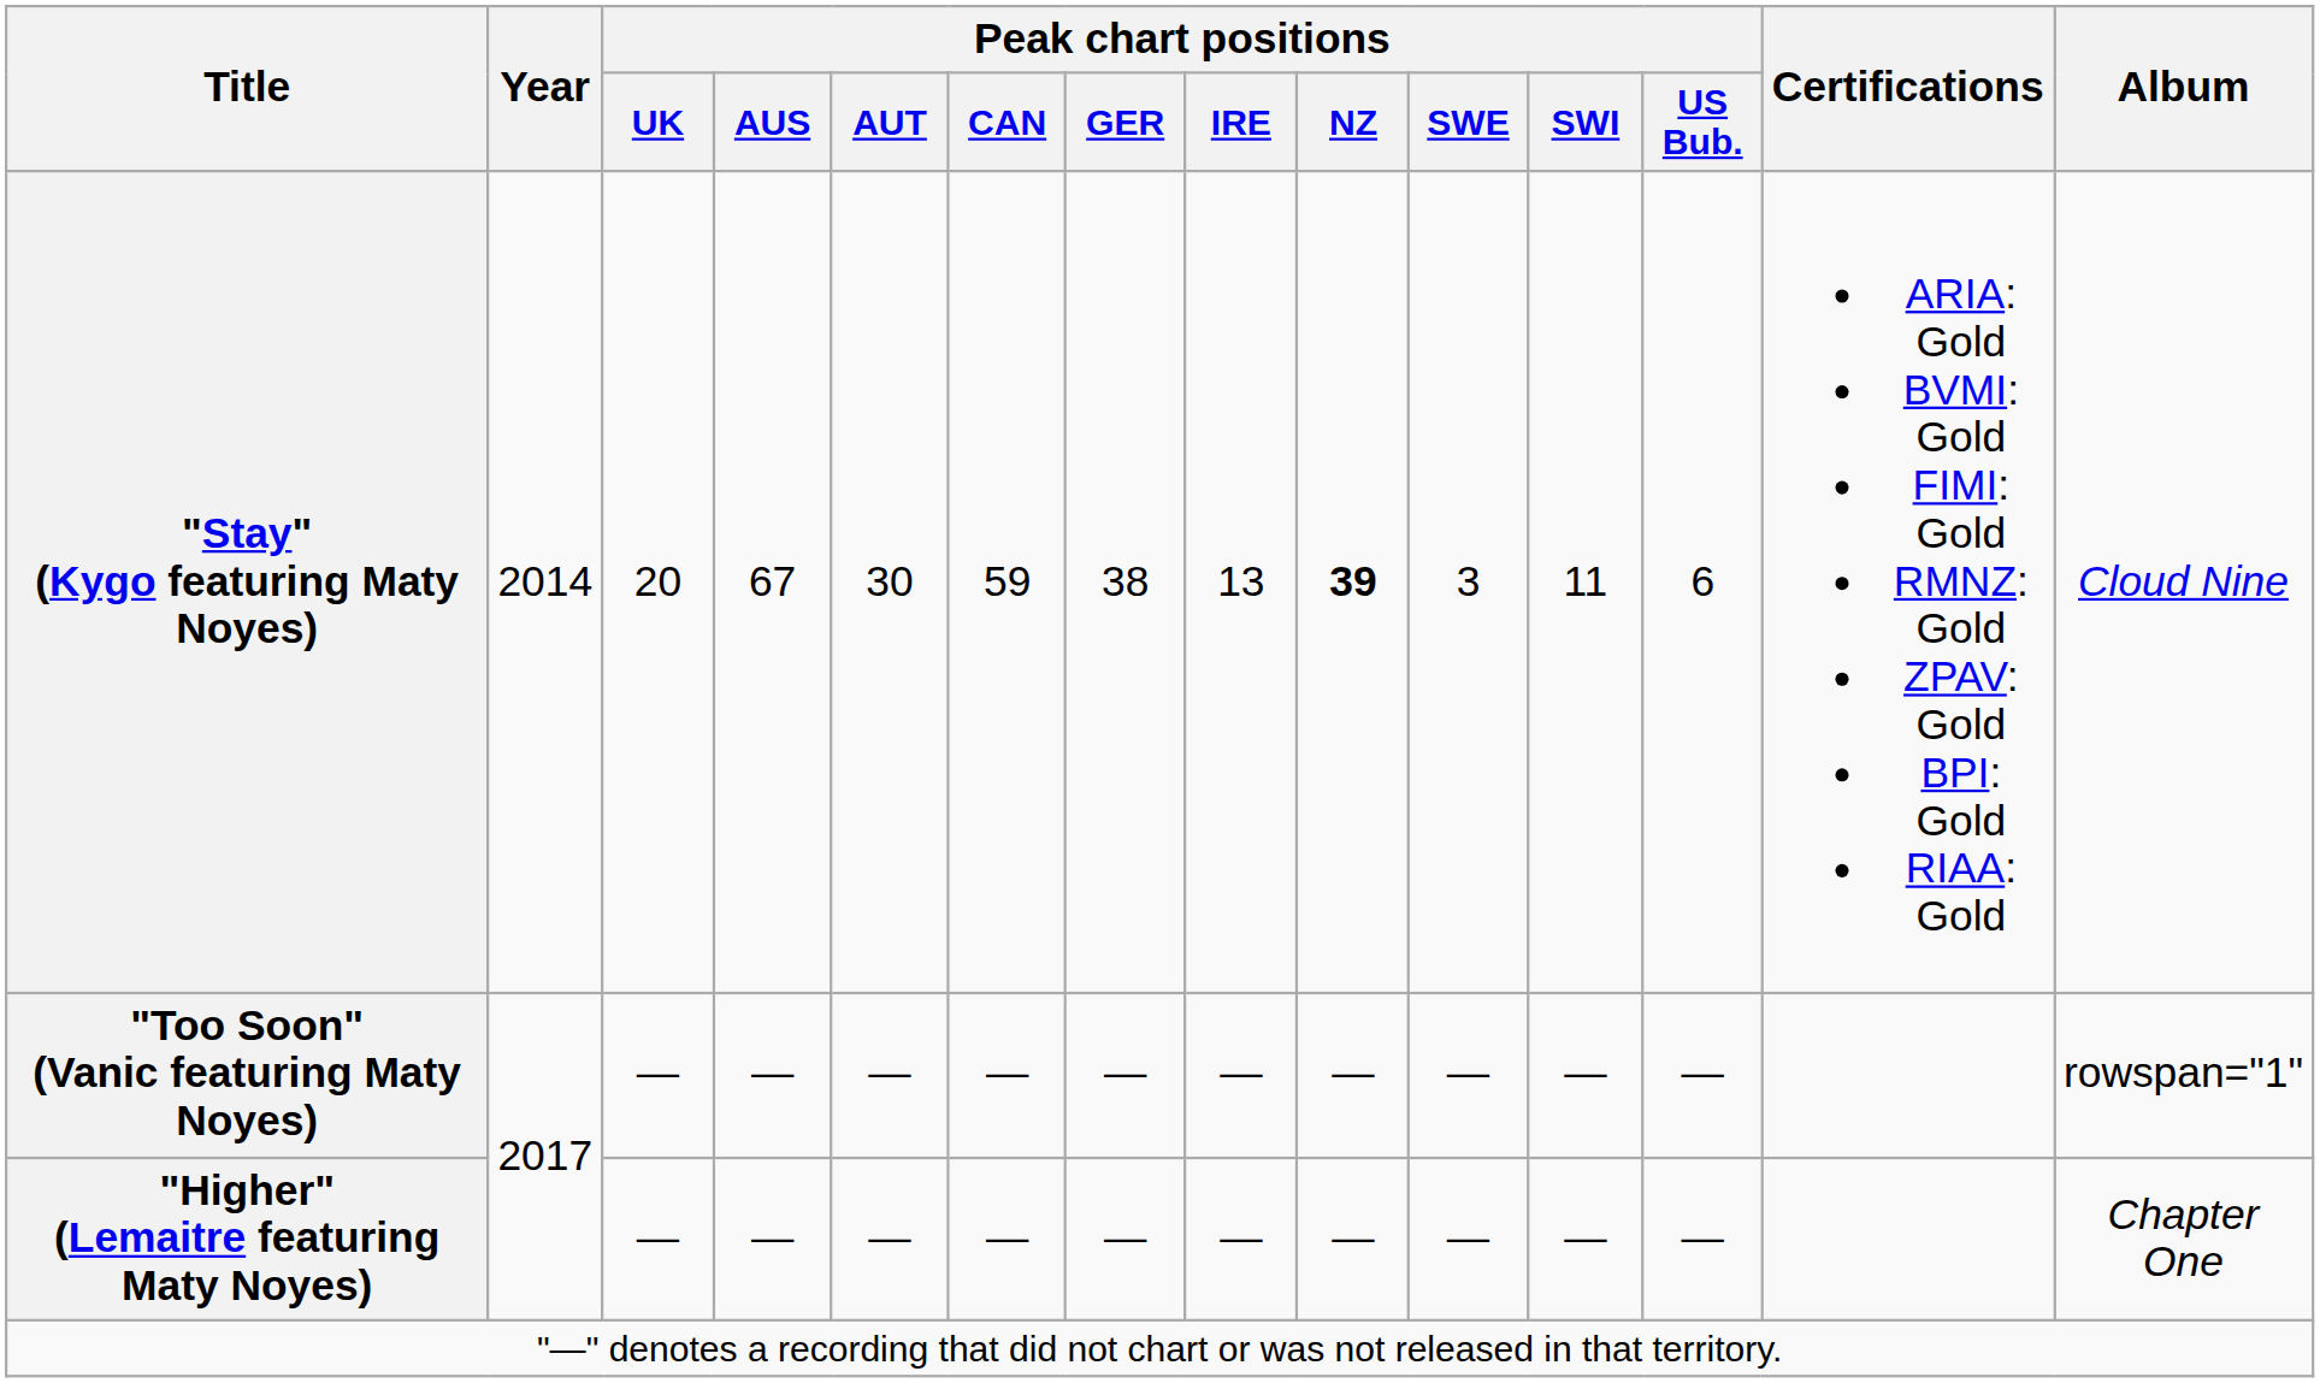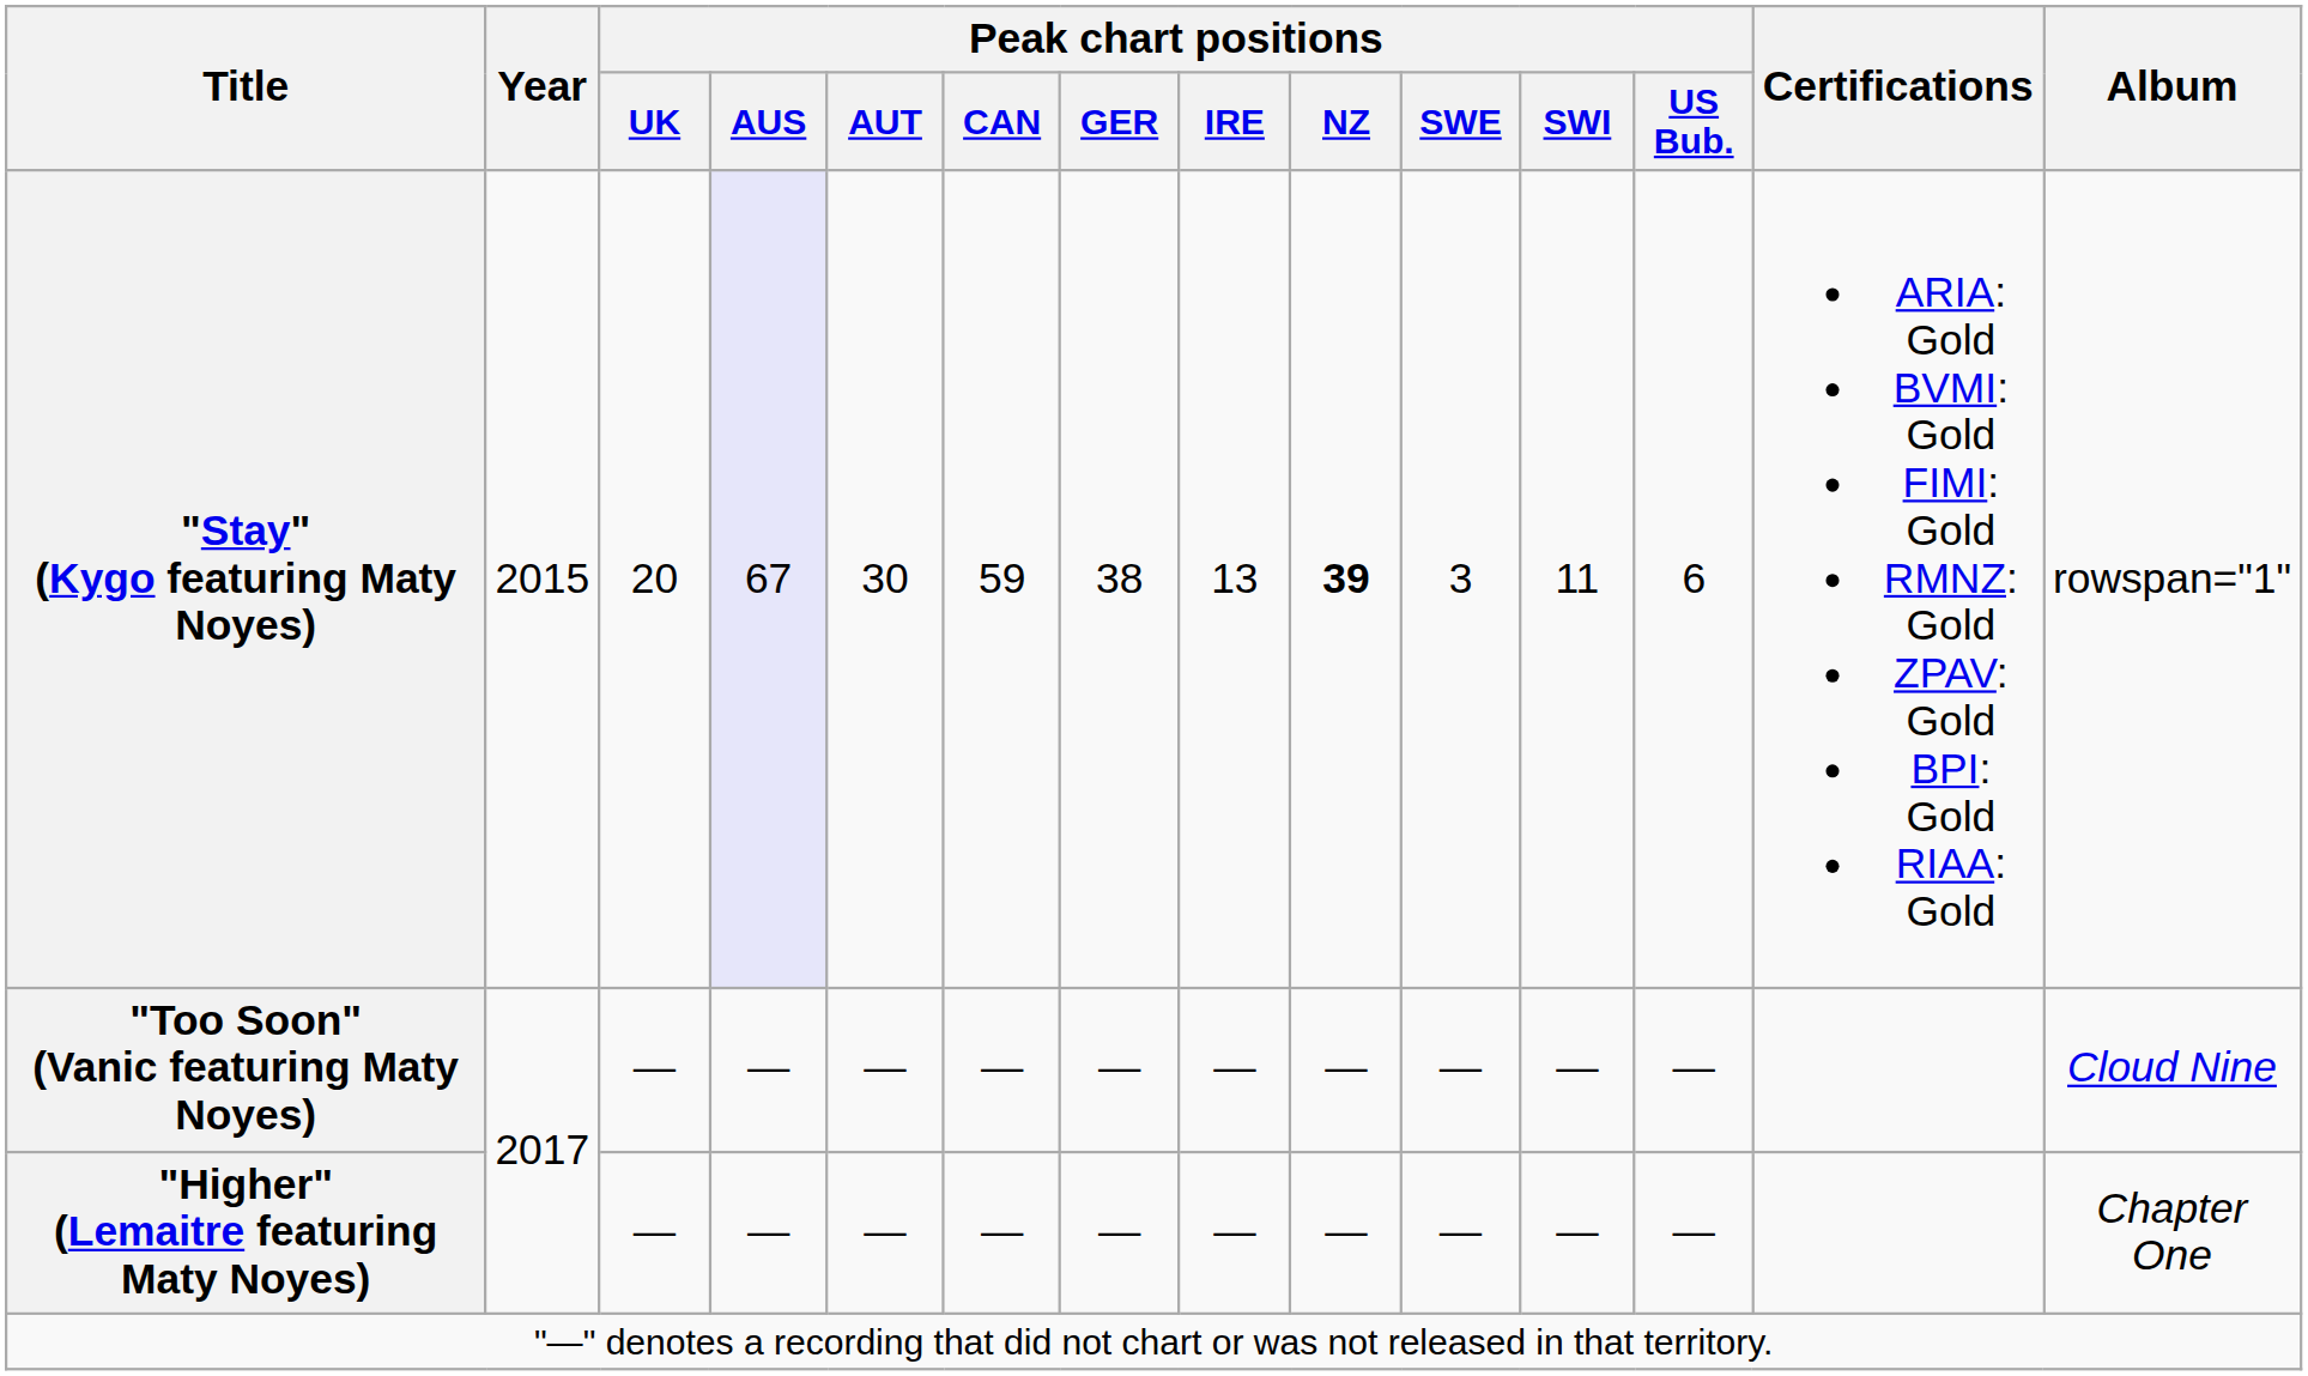 <table class="wikitable plainrowheaders" style="text-align:center;">
 <tr>
 <th scope="col" style="width:13em;" rowspan="2">Title</th>
 <th scope="col" style="width:1em;" rowspan="2">Year</th>
 <th scope="col" colspan="10">Peak chart positions</th>
 <th scope="col" rowspan="2">Certifications</th>
 <th scope="col" rowspan="2">Album</th>
 </tr>
 <tr>
 <th scope="col" style="width:3em;font-size:85%;"><a href='#'>UK</a><br></th>
 <th scope="col" style="width:3em;font-size:85%;"><a href='#'>AUS</a><br></th>
 <th scope="col" style="width:3em;font-size:85%;"><a href='#'>AUT</a><br></th>
 <th scope="col" style="width:3em;font-size:85%;"><a href='#'>CAN</a><br></th>
 <th scope="col" style="width:3em;font-size:85%;"><a href='#'>GER</a><br></th>
 <th scope="col" style="width:3em;font-size:85%;"><a href='#'>IRE</a><br></th>
 <th scope="col" style="width:3em;font-size:85%;"><a href='#'>NZ</a><br></th>
 <th scope="col" style="width:3em;font-size:85%;"><a href='#'>SWE</a><br></th>
 <th scope="col" style="width:3em;font-size:85%;"><a href='#'>SWI</a><br></th>
 <th scope="col" style="width:3em;font-size:85%;"><a href='#'>US Bub.</a><br></th>
 </tr>
 <tr>
 <th scope="row">"<a href='#'>Stay</a>"<br><span>(<a href='#'>Kygo</a> featuring Maty Noyes)</span></th>
-<td>2014</td>
+<td>2015</td>
 <td>20</td>
-<td>67</td>
+<td style="background: lavender;">67</td>
 <td>30</td>
 <td>59</td>
 <td>38</td>
 <td>13</td>
 <td><strong>39</strong></td>
 <td>3</td>
 <td>11</td>
 <td>6</td>
 <td><br><ul><li><a href='#'>ARIA</a>: Gold</li><li><a href='#'>BVMI</a>: Gold</li><li><a href='#'>FIMI</a>: Gold</li><li><a href='#'>RMNZ</a>: Gold</li><li><a href='#'>ZPAV</a>: Gold</li><li><a href='#'>BPI</a>: Gold</li><li><a href='#'>RIAA</a>: Gold</li></ul></td>
-<td><a href='#'><em>Cloud Nine</em></a></td>
+<td>rowspan="1" </td>
 </tr>
 <tr>
 <th scope="row">"Too Soon"<br><span>(Vanic featuring Maty Noyes)</span></th>
 <td rowspan="2">2017</td>
 <td>—</td>
 <td>—</td>
 <td>—</td>
 <td>—</td>
 <td>—</td>
 <td>—</td>
 <td>—</td>
 <td>—</td>
 <td>—</td>
 <td>—</td>
 <td></td>
-<td>rowspan="1" </td>
+<td><a href='#'><em>Cloud Nine</em></a></td>
 </tr>
 <tr>
 <th scope="row">"Higher"<br><span>(<a href='#'>Lemaitre</a> featuring Maty Noyes)</span></th>
 <td>—</td>
 <td>—</td>
 <td>—</td>
 <td>—</td>
 <td>—</td>
 <td>—</td>
 <td>—</td>
 <td>—</td>
 <td>—</td>
 <td>—</td>
 <td></td>
 <td><em>Chapter One</em></td>
 </tr>
 <tr>
 <td style="font-size:85%" colspan="20">"—" denotes a recording that did not chart or was not released in that territory.</td>
 </tr>
 </table>
